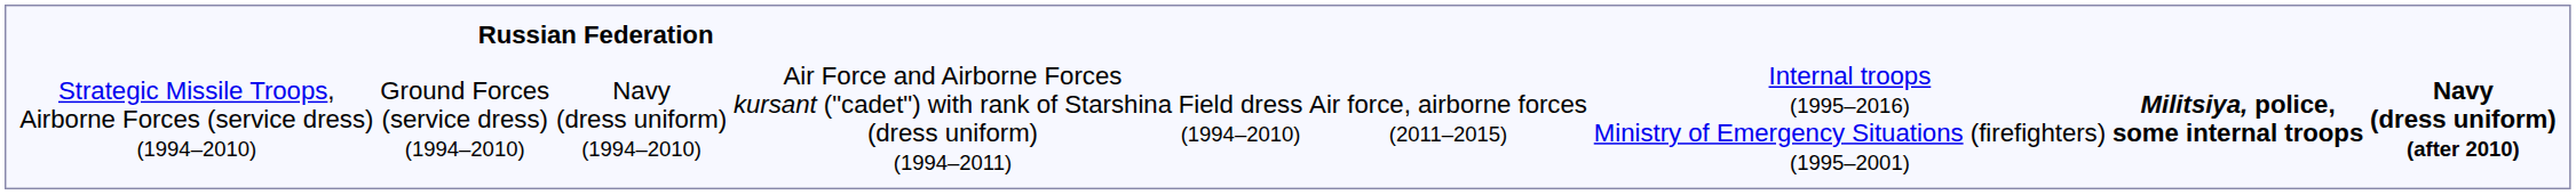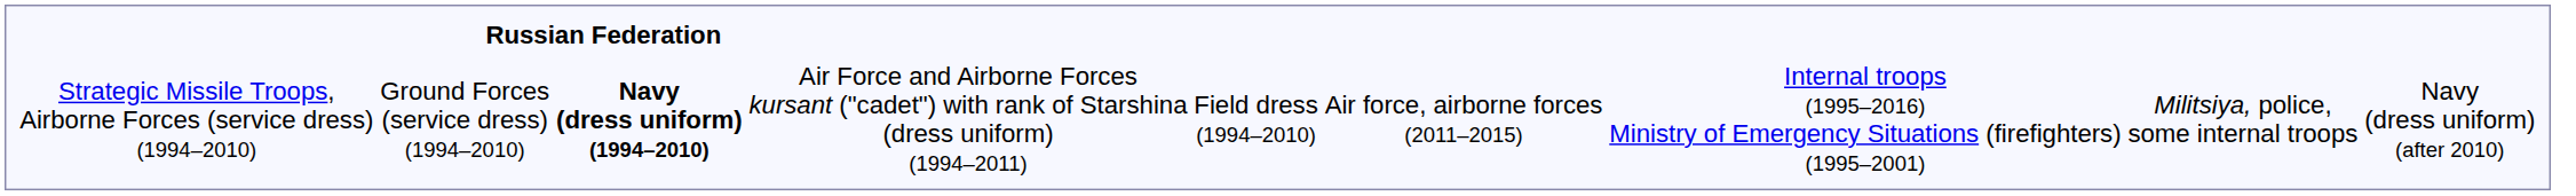 <table style="border:1px solid #8888aa; background-color:#f7f8ff; padding:5px; font-size:95%; margin: 12px 12px 12px 0px;">
 <tr>
 <th colspan="4">Russian Federation</th>
 <td></td>
 <td></td>
 <td></td>
 <td></td>
 <td></td>
 </tr>
 <tr align="center">
 <td></td>
 <td></td>
 <td></td>
 <td></td>
 <td></td>
 <td></td>
 <td></td>
 <td></td>
 <td></td>
 </tr>
 <tr align="center">
 <td><a href='#'>Strategic Missile Troops</a>,<br>Airborne Forces (service dress)<br><small>(1994–2010)</small></td>
 <td>Ground Forces<br>(service dress)<br><small>(1994–2010)</small></td>
-<td>Navy<br>(dress uniform)<br><small>(1994–2010)</small></td>
+<td><strong>Navy<br>(dress uniform)<br><small>(1994–2010)</small></strong></td>
 <td>Air Force and Airborne Forces<br><em>kursant</em> ("cadet") with rank of Starshina<br>(dress uniform)<br><small>(1994–2011)</small></td>
 <td>Field dress<br><small>(1994–2010)</small></td>
 <td>Air force, airborne forces<br><small>(2011–2015)</small></td>
 <td><a href='#'>Internal troops</a><br><small>(1995–2016)<br></small><a href='#'>Ministry of Emergency Situations</a> (firefighters)<br><small>(1995–2001)</small></td>
-<td><strong><em>Militsiya,</em> police,<br>some internal troops</strong></td>
-<td><strong>Navy<br>(dress uniform)<br><small>(after 2010)</small></strong></td>
+<td><em>Militsiya,</em> police,<br>some internal troops</td>
+<td>Navy<br>(dress uniform)<br><small>(after 2010)</small></td>
 </tr>
 </table>
